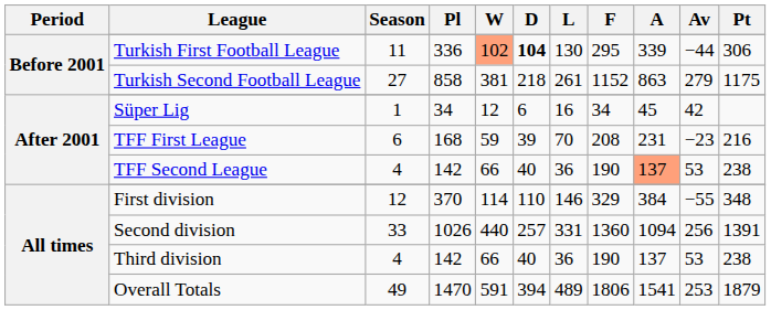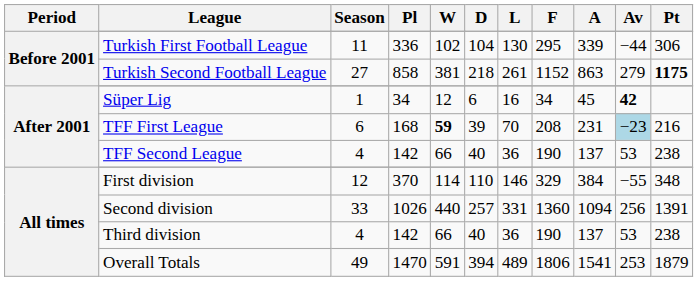 <table class="wikitable">
 <tr>
 <th>Period</th>
 <th>League</th>
 <th>Season</th>
 <th>Pl</th>
 <th>W</th>
 <th>D</th>
 <th>L</th>
 <th>F</th>
 <th>A</th>
 <th>Av</th>
 <th>Pt</th>
 </tr>
 <tr>
 <th rowspan=3>Before 2001</th>
 </tr>
 <tr>
 <td><a href='#'>Turkish First Football League</a></td>
 <td style="text-align:center">11</td>
 <td>336</td>
-<td style="background: lightsalmon;">102</td>
-<td><strong>104</strong></td>
+<td>102</td>
+<td>104</td>
 <td>130</td>
 <td>295</td>
 <td>339</td>
 <td>−44</td>
 <td>306</td>
 </tr>
 <tr>
 <td><a href='#'>Turkish Second Football League</a></td>
 <td style="text-align:center">27</td>
 <td>858</td>
 <td>381</td>
 <td>218</td>
 <td>261</td>
 <td>1152</td>
 <td>863</td>
 <td>279</td>
-<td>1175</td>
+<td><strong>1175</strong></td>
 </tr>
 <tr>
 <th rowspan=4>After 2001</th>
 </tr>
 <tr>
 <td><a href='#'>Süper Lig</a></td>
 <td style="text-align:center">1</td>
 <td>34</td>
 <td>12</td>
 <td>6</td>
 <td>16</td>
 <td>34</td>
 <td>45</td>
-<td>42</td>
+<td><strong>42</strong></td>
 <td></td>
 </tr>
 <tr>
 <td><a href='#'>TFF First League</a></td>
 <td style="text-align:center">6</td>
 <td>168</td>
-<td>59</td>
+<td><strong>59</strong></td>
 <td>39</td>
 <td>70</td>
 <td>208</td>
 <td>231</td>
-<td>−23</td>
+<td style="background: lightblue;">−23</td>
 <td>216</td>
 </tr>
 <tr>
 <td><a href='#'>TFF Second League</a></td>
 <td style="text-align:center">4</td>
 <td>142</td>
 <td>66</td>
 <td>40</td>
 <td>36</td>
 <td>190</td>
-<td style="background: lightsalmon;">137</td>
+<td>137</td>
 <td>53</td>
 <td>238</td>
 </tr>
 <tr>
 <th rowspan=5>All times</th>
 </tr>
 <tr>
 <td>First division</td>
 <td style="text-align:center">12</td>
 <td>370</td>
 <td>114</td>
 <td>110</td>
 <td>146</td>
 <td>329</td>
 <td>384</td>
 <td>−55</td>
 <td>348</td>
 </tr>
 <tr>
 <td>Second division</td>
 <td style="text-align:center">33</td>
 <td>1026</td>
 <td>440</td>
 <td>257</td>
 <td>331</td>
 <td>1360</td>
 <td>1094</td>
 <td>256</td>
 <td>1391</td>
 </tr>
 <tr>
 <td>Third division</td>
 <td style="text-align:center">4</td>
 <td>142</td>
 <td>66</td>
 <td>40</td>
 <td>36</td>
 <td>190</td>
 <td>137</td>
 <td>53</td>
 <td>238</td>
 </tr>
 <tr>
 <td>Overall Totals</td>
 <td style="text-align:center">49</td>
 <td>1470</td>
 <td>591</td>
 <td>394</td>
 <td>489</td>
 <td>1806</td>
 <td>1541</td>
 <td>253</td>
 <td>1879</td>
 </tr>
 </table>
